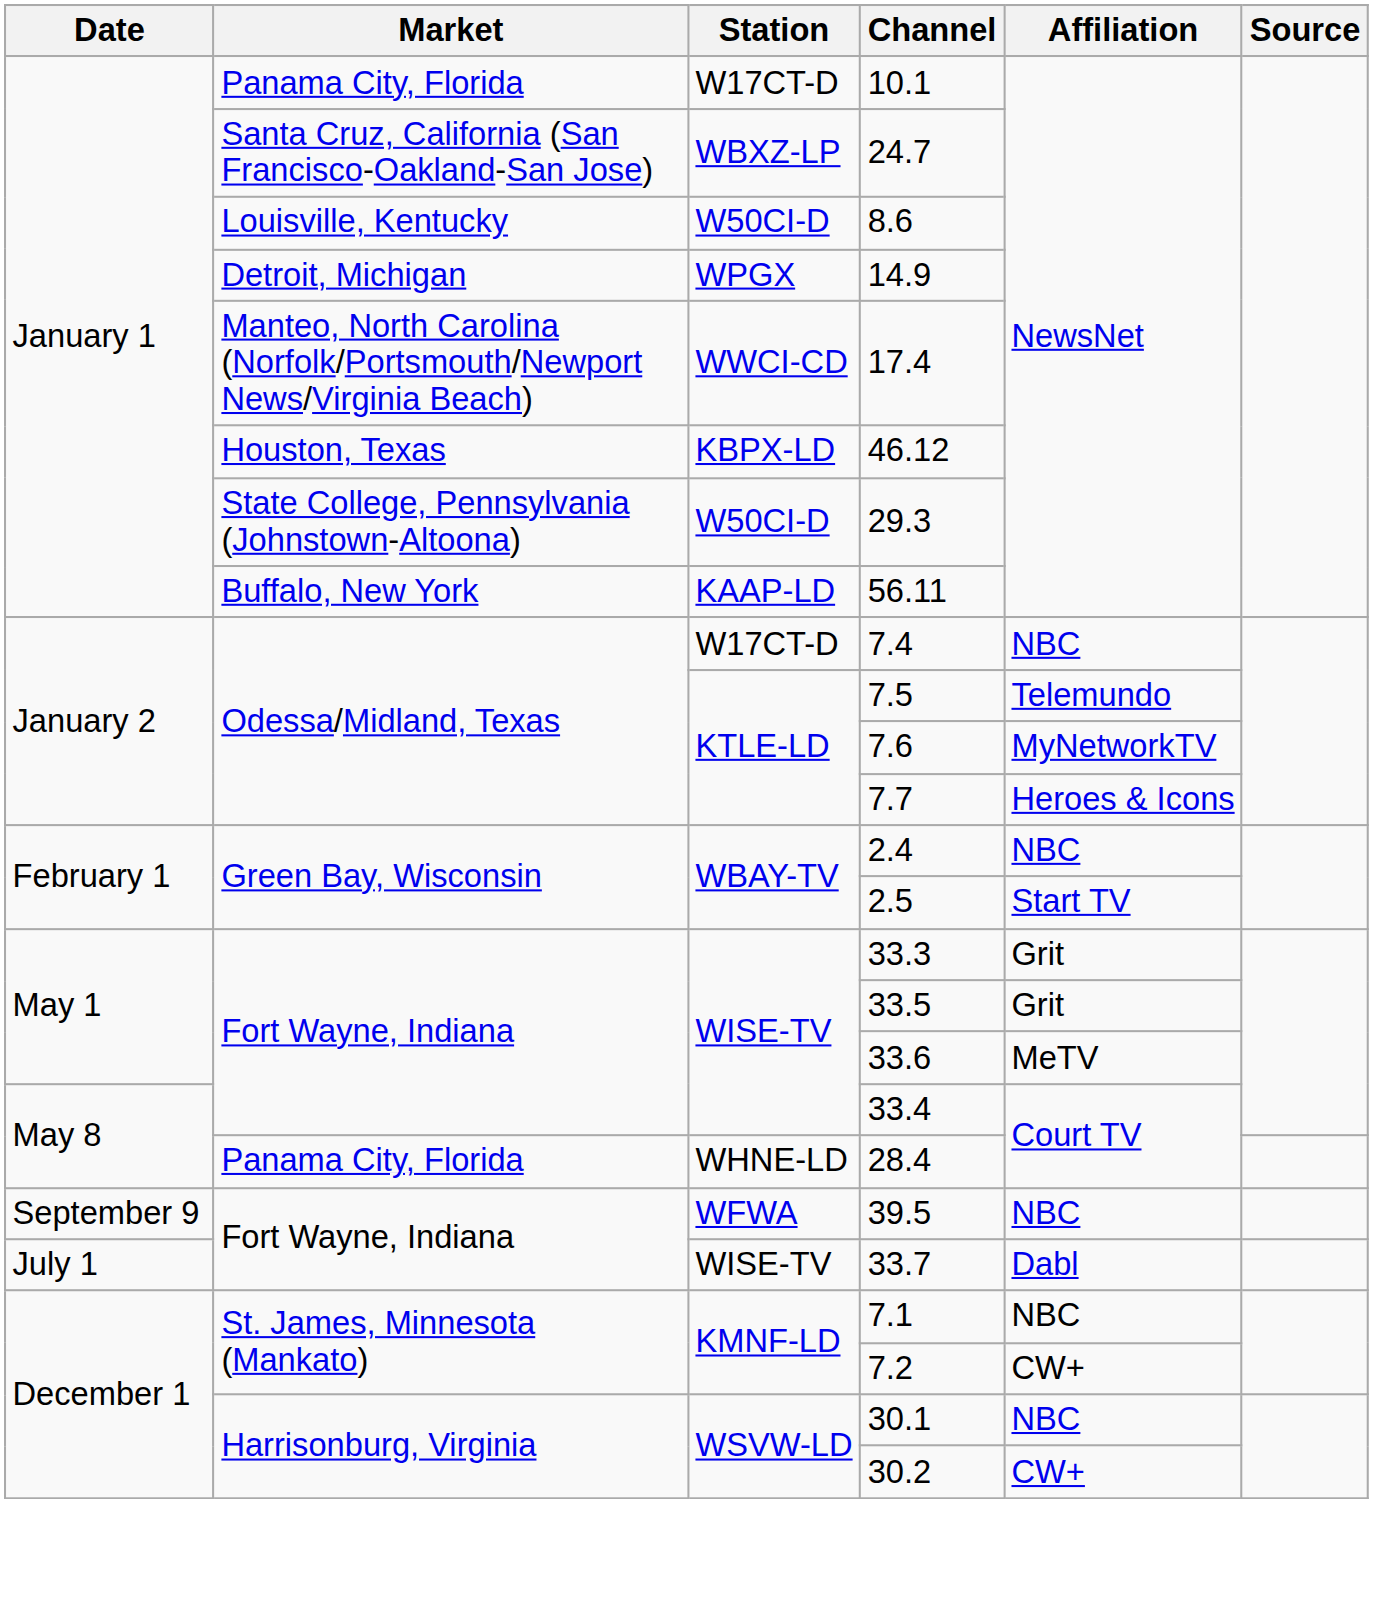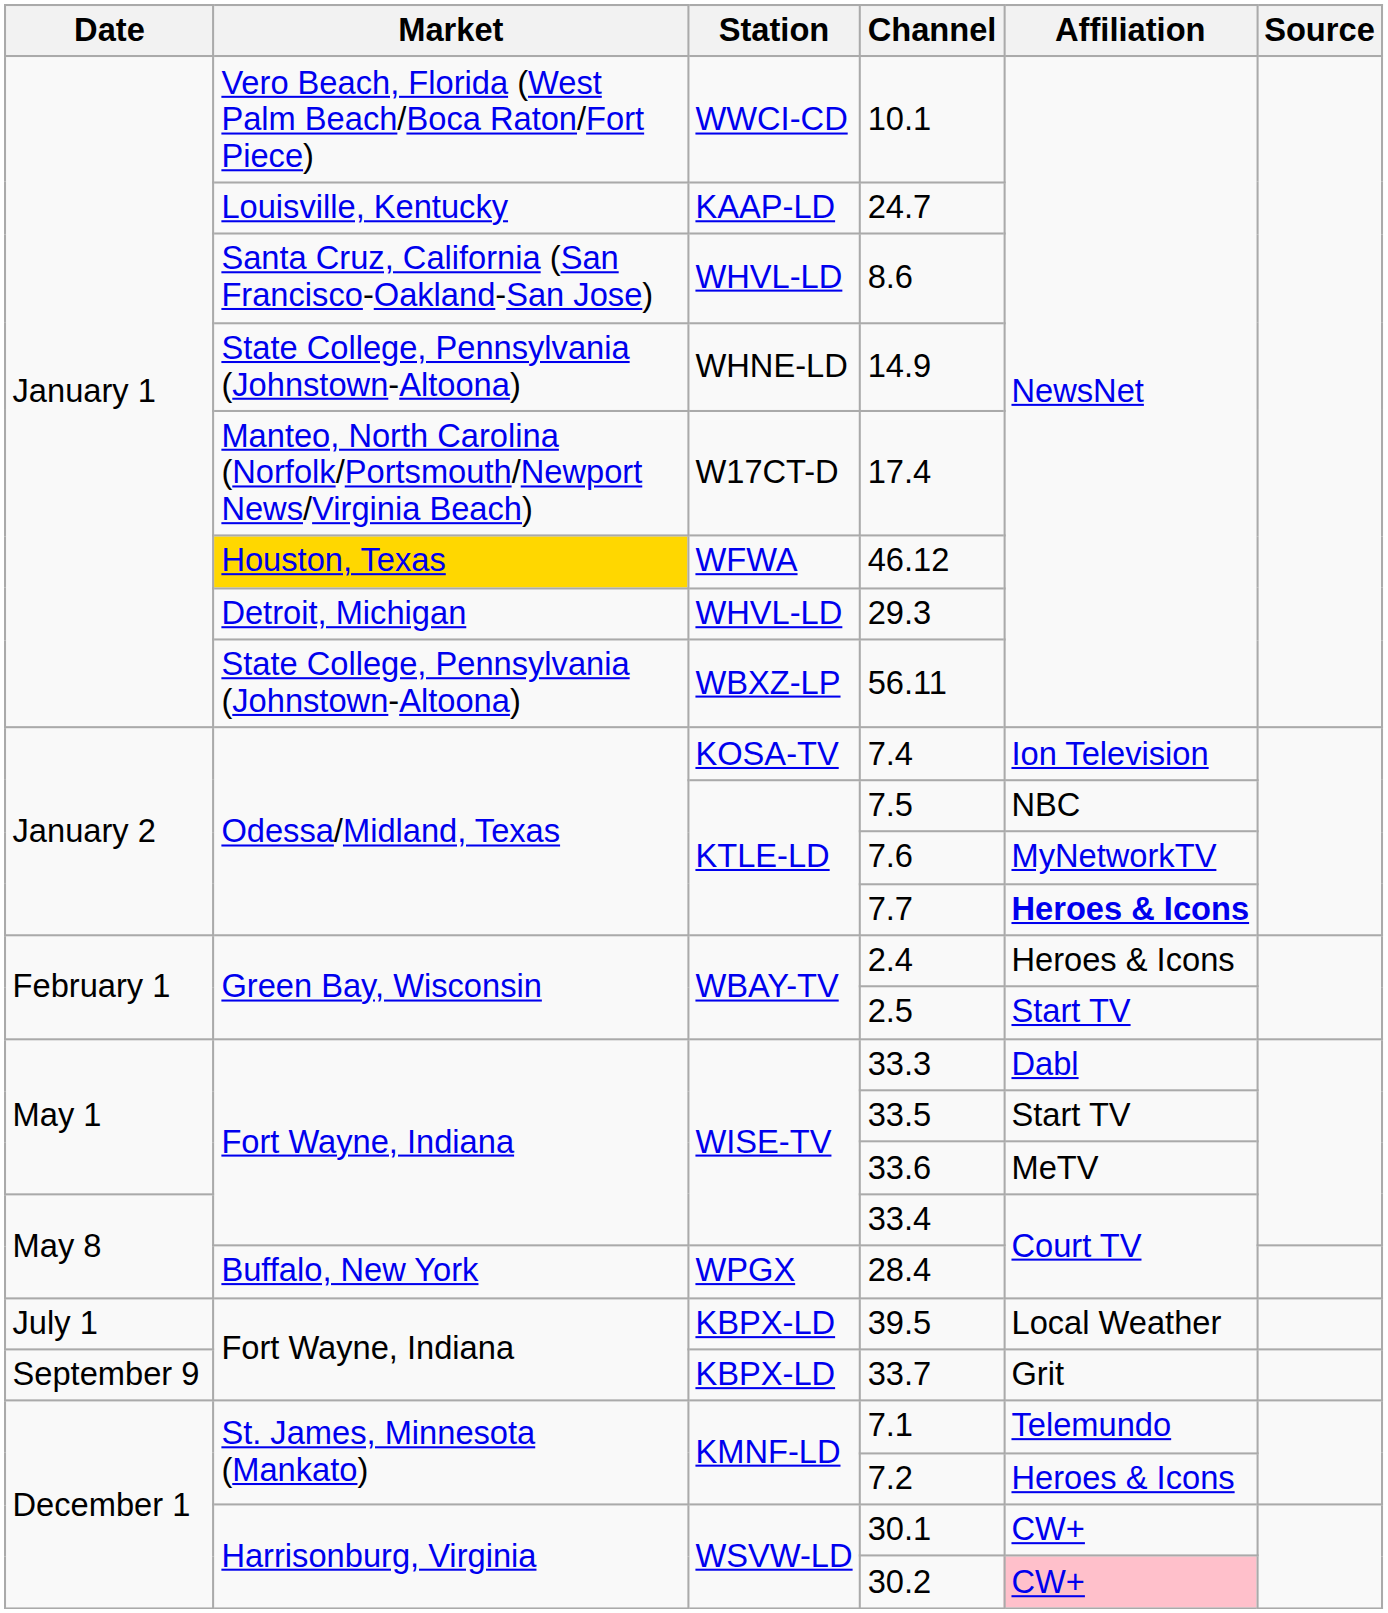 <table class="wikitable">
 <tr>
 <th style="text-align:center; width:95px;">Date</th>
 <th style="text-align:center; width:225px;">Market</th>
 <th style="text-align:center; width=75px;">Station</th>
 <th style="text-align:center; width=30px;">Channel</th>
 <th style="text-align:center; width=225px;">Affiliation</th>
 <th style="text-align:center;">Source</th>
 </tr>
 <tr>
 <td rowspan=8>January 1</td>
-<td><a href='#'>Panama City, Florida</a></td>
-<td>W17CT-D</td>
+<td><a href='#'>Vero Beach, Florida</a> (<a href='#'>West Palm Beach</a>/<a href='#'>Boca Raton</a>/<a href='#'>Fort Piece</a>)</td>
+<td><a href='#'>WWCI-CD</a></td>
 <td>10.1</td>
 <td rowspan=8><a href='#'>NewsNet</a></td>
 <td rowspan=8></td>
 </tr>
 <tr>
-<td><a href='#'>Santa Cruz, California</a> (<a href='#'>San Francisco</a>-<a href='#'>Oakland</a>-<a href='#'>San Jose</a>)</td>
-<td><a href='#'>WBXZ-LP</a></td>
+<td><a href='#'>Louisville, Kentucky</a></td>
+<td><a href='#'>KAAP-LD</a></td>
 <td>24.7</td>
 </tr>
 <tr>
-<td><a href='#'>Louisville, Kentucky</a></td>
-<td><a href='#'>W50CI-D</a></td>
+<td><a href='#'>Santa Cruz, California</a> (<a href='#'>San Francisco</a>-<a href='#'>Oakland</a>-<a href='#'>San Jose</a>)</td>
+<td><a href='#'>WHVL-LD</a></td>
 <td>8.6</td>
 </tr>
 <tr>
-<td><a href='#'>Detroit, Michigan</a></td>
-<td><a href='#'>WPGX</a></td>
+<td><a href='#'>State College, Pennsylvania</a> (<a href='#'>Johnstown</a>-<a href='#'>Altoona</a>)</td>
+<td>WHNE-LD</td>
 <td>14.9</td>
 </tr>
 <tr>
 <td><a href='#'>Manteo, North Carolina</a> (<a href='#'>Norfolk</a>/<a href='#'>Portsmouth</a>/<a href='#'>Newport News</a>/<a href='#'>Virginia Beach</a>)</td>
-<td><a href='#'>WWCI-CD</a></td>
+<td>W17CT-D</td>
 <td>17.4</td>
 </tr>
 <tr>
-<td><a href='#'>Houston, Texas</a></td>
-<td><a href='#'>KBPX-LD</a></td>
+<td style="background: gold;"><a href='#'>Houston, Texas</a></td>
+<td><a href='#'>WFWA</a></td>
 <td>46.12</td>
 </tr>
 <tr>
-<td><a href='#'>State College, Pennsylvania</a> (<a href='#'>Johnstown</a>-<a href='#'>Altoona</a>)</td>
-<td><a href='#'>W50CI-D</a></td>
+<td><a href='#'>Detroit, Michigan</a></td>
+<td><a href='#'>WHVL-LD</a></td>
 <td>29.3</td>
 </tr>
 <tr>
-<td><a href='#'>Buffalo, New York</a></td>
-<td><a href='#'>KAAP-LD</a></td>
+<td><a href='#'>State College, Pennsylvania</a> (<a href='#'>Johnstown</a>-<a href='#'>Altoona</a>)</td>
+<td><a href='#'>WBXZ-LP</a></td>
 <td>56.11</td>
 </tr>
 <tr>
 <td rowspan=4>January 2</td>
 <td rowspan=4><a href='#'>Odessa</a>/<a href='#'>Midland, Texas</a></td>
-<td>W17CT-D</td>
+<td><a href='#'>KOSA-TV</a></td>
 <td>7.4</td>
-<td><a href='#'>NBC</a></td>
+<td><a href='#'>Ion Television</a></td>
 <td rowspan=4></td>
 </tr>
 <tr>
 <td rowspan=3><a href='#'>KTLE-LD</a></td>
 <td>7.5</td>
-<td><a href='#'>Telemundo</a></td>
+<td>NBC</td>
 </tr>
 <tr>
 <td>7.6</td>
 <td><a href='#'>MyNetworkTV</a></td>
 </tr>
 <tr>
 <td>7.7</td>
-<td><a href='#'>Heroes & Icons</a></td>
+<td><strong><a href='#'>Heroes & Icons</a></strong></td>
 </tr>
 <tr>
 <td rowspan=2>February 1</td>
 <td rowspan=2><a href='#'>Green Bay, Wisconsin</a></td>
 <td rowspan=2><a href='#'>WBAY-TV</a></td>
 <td>2.4</td>
-<td><a href='#'>NBC</a></td>
+<td>Heroes & Icons</td>
 <td rowspan=2></td>
 </tr>
 <tr>
 <td>2.5</td>
 <td><a href='#'>Start TV</a></td>
 </tr>
 <tr>
 <td rowspan=3>May 1</td>
 <td rowspan=4><a href='#'>Fort Wayne, Indiana</a></td>
 <td rowspan=4><a href='#'>WISE-TV</a></td>
 <td>33.3</td>
-<td>Grit</td>
+<td><a href='#'>Dabl</a></td>
 <td rowspan=4></td>
 </tr>
 <tr>
 <td>33.5</td>
-<td>Grit</td>
+<td>Start TV</td>
 </tr>
 <tr>
 <td>33.6</td>
 <td>MeTV</td>
 </tr>
 <tr>
 <td rowspan=2>May 8</td>
 <td>33.4</td>
 <td rowspan=2><a href='#'>Court TV</a></td>
 </tr>
 <tr>
-<td><a href='#'>Panama City, Florida</a></td>
-<td>WHNE-LD</td>
+<td><a href='#'>Buffalo, New York</a></td>
+<td><a href='#'>WPGX</a></td>
 <td>28.4</td>
 <td></td>
 </tr>
 <tr>
-<td>September 9</td>
+<td>July 1</td>
 <td rowspan=2>Fort Wayne, Indiana</td>
-<td><a href='#'>WFWA</a></td>
+<td><a href='#'>KBPX-LD</a></td>
 <td>39.5</td>
-<td><a href='#'>NBC</a></td>
+<td>Local Weather</td>
 <td></td>
 </tr>
 <tr>
-<td>July 1</td>
-<td>WISE-TV</td>
+<td>September 9</td>
+<td><a href='#'>KBPX-LD</a></td>
 <td>33.7</td>
-<td><a href='#'>Dabl</a></td>
+<td>Grit</td>
 <td></td>
 </tr>
 <tr>
 <td rowspan=4>December 1</td>
 <td rowspan=2><a href='#'>St. James, Minnesota</a> (<a href='#'>Mankato</a>)</td>
 <td rowspan=2><a href='#'>KMNF-LD</a></td>
 <td>7.1</td>
-<td>NBC</td>
+<td><a href='#'>Telemundo</a></td>
 <td rowspan=2></td>
 </tr>
 <tr>
 <td>7.2</td>
-<td>CW+</td>
+<td><a href='#'>Heroes & Icons</a></td>
 </tr>
 <tr>
 <td rowspan=2><a href='#'>Harrisonburg, Virginia</a></td>
 <td rowspan=2><a href='#'>WSVW-LD</a></td>
 <td>30.1</td>
-<td><a href='#'>NBC</a></td>
+<td><a href='#'>CW+</a></td>
 <td rowspan=2></td>
 </tr>
 <tr>
 <td>30.2</td>
-<td><a href='#'>CW+</a></td>
+<td style="background: pink;"><a href='#'>CW+</a></td>
 </tr>
 </table>
